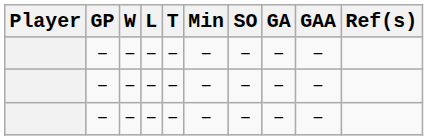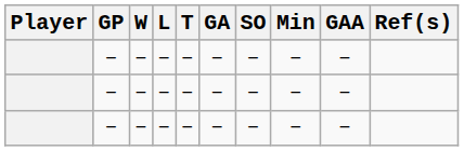 <table class="wikitable sortable plainrowheaders" style="text-align:center;">
 <tr>
 <th scope="col">Player</th>
 <th scope="col">GP</th>
 <th scope="col">W</th>
 <th scope="col">L</th>
 <th scope="col">T</th>
+<th scope="col">GA</th>
+<th scope="col">SO</th>
 <th scope="col">Min</th>
-<th scope="col">SO</th>
-<th scope="col">GA</th>
 <th scope="col">GAA</th>
 <th scope="col" class="unsortable">Ref(s)</th>
 </tr>
 <tr>
 <th scope="row"></th>
 <td>–</td>
 <td>–</td>
 <td>–</td>
 <td>–</td>
 <td>–</td>
 <td>–</td>
 <td>–</td>
 <td>–</td>
 <td></td>
 </tr>
 <tr>
 <th scope="row"></th>
 <td>–</td>
 <td>–</td>
 <td>–</td>
 <td>–</td>
 <td>–</td>
 <td>–</td>
 <td>–</td>
 <td>–</td>
 <td></td>
 </tr>
 <tr>
 <th scope="row"></th>
 <td>–</td>
 <td>–</td>
 <td>–</td>
 <td>–</td>
 <td>–</td>
 <td>–</td>
 <td>–</td>
 <td>–</td>
 <td></td>
 </tr>
 </table>
